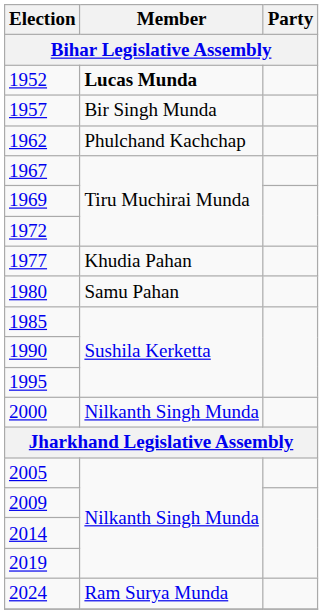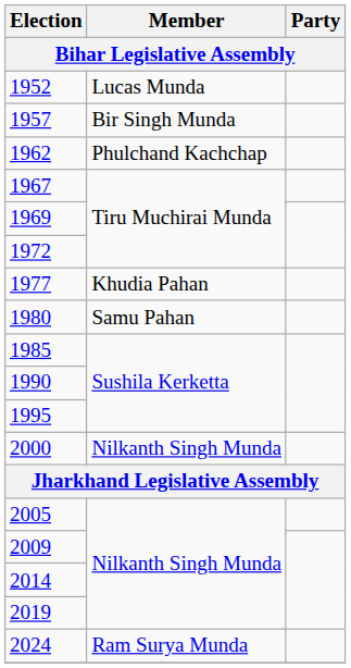 <table class="wikitable sortable">
 <tr>
 <th>Election</th>
 <th>Member</th>
 <th colspan=2>Party</th>
 </tr>
 <tr>
 <th colspan=4><a href='#'>Bihar Legislative Assembly</a></th>
 </tr>
 <tr>
 <td><a href='#'>1952</a></td>
-<td><strong>Lucas Munda</strong></td>
+<td>Lucas Munda</td>
 <td></td>
 </tr>
 <tr>
 <td><a href='#'>1957</a></td>
 <td>Bir Singh Munda</td>
 </tr>
 <tr>
 <td><a href='#'>1962</a></td>
 <td>Phulchand Kachchap</td>
 <td></td>
 </tr>
 <tr>
 <td><a href='#'>1967</a></td>
 <td rowspan="3">Tiru Muchirai Munda</td>
 <td></td>
 </tr>
 <tr>
 <td><a href='#'>1969</a></td>
 </tr>
 <tr>
 <td><a href='#'>1972</a></td>
 </tr>
 <tr>
 <td><a href='#'>1977</a></td>
 <td>Khudia Pahan</td>
 <td></td>
 </tr>
 <tr>
 <td><a href='#'>1980</a></td>
 <td>Samu Pahan</td>
 <td></td>
 </tr>
 <tr>
 <td><a href='#'>1985</a></td>
 <td rowspan="3"><a href='#'>Sushila Kerketta</a></td>
 </tr>
 <tr>
 <td><a href='#'>1990</a></td>
 </tr>
 <tr>
 <td><a href='#'>1995</a></td>
 </tr>
 <tr>
 <td><a href='#'>2000</a></td>
 <td><a href='#'>Nilkanth Singh Munda</a></td>
 <td></td>
 </tr>
 <tr>
 <th colspan=4><a href='#'>Jharkhand Legislative Assembly</a></th>
 </tr>
 <tr>
 <td><a href='#'>2005</a></td>
 <td rowspan=4><a href='#'>Nilkanth Singh Munda</a></td>
 <td></td>
 </tr>
 <tr>
 <td><a href='#'>2009</a></td>
 </tr>
 <tr>
 <td><a href='#'>2014</a></td>
 </tr>
 <tr>
 <td><a href='#'>2019</a></td>
 </tr>
 <tr>
 <td><a href='#'>2024</a></td>
 <td><a href='#'>Ram Surya Munda</a></td>
 <td></td>
 </tr>
 <tr>
 </tr>
 </table>
